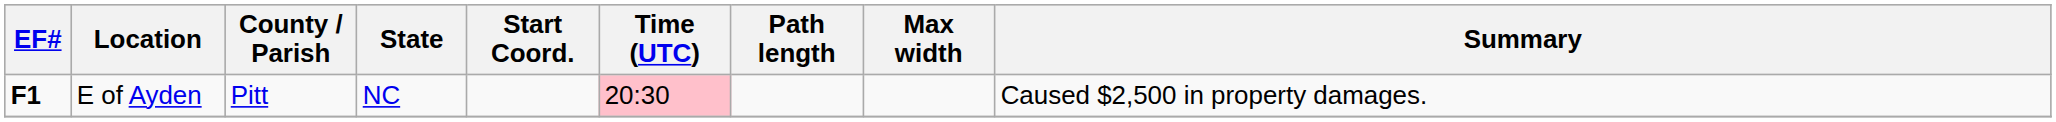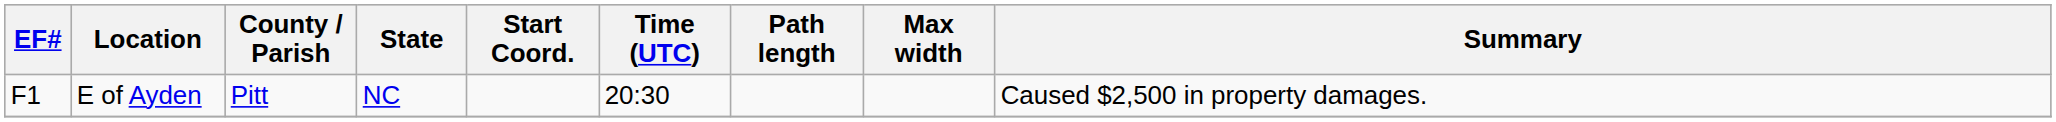 <table class="wikitable sortable" style="width:100%;">
 <tr>
 <th scope="col"  style="width:3%; text-align:center;"><a href='#'>EF#</a></th>
 <th scope="col"  style="width:7%; text-align:center;" class="unsortable">Location</th>
 <th scope="col"  style="width:6%; text-align:center;" class="unsortable">County / Parish</th>
 <th scope="col"  style="width:5%; text-align:center;">State</th>
 <th scope="col"  style="width:6%; text-align:center;">Start Coord.</th>
 <th scope="col"  style="width:6%; text-align:center;">Time (<a href='#'>UTC</a>)</th>
 <th scope="col"  style="width:6%; text-align:center;">Path length</th>
 <th scope="col"  style="width:6%; text-align:center;">Max width</th>
 <th scope="col" class="unsortable" style="width:48%; text-align:center;">Summary</th>
 </tr>
 <tr>
-<td bgcolor=><strong>F1</strong></td>
+<td bgcolor=>F1</td>
 <td>E of <a href='#'>Ayden</a></td>
 <td><a href='#'>Pitt</a></td>
 <td><a href='#'>NC</a></td>
 <td></td>
-<td style="background: pink;">20:30</td>
+<td>20:30</td>
 <td></td>
 <td></td>
 <td>Caused $2,500 in property damages.</td>
 </tr>
 <tr>
 </tr>
 </table>
